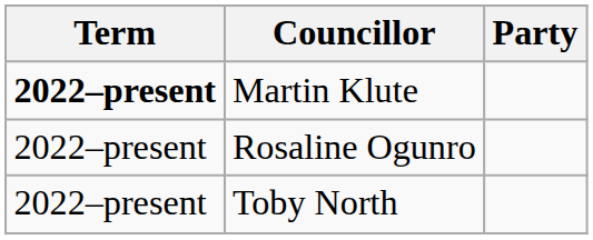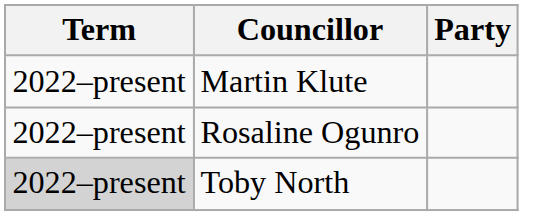 <table class="wikitable">
 <tr>
 <th>Term</th>
 <th>Councillor</th>
 <th colspan=2>Party</th>
 </tr>
 <tr>
-<td><strong>2022–present</strong></td>
+<td>2022–present</td>
 <td>Martin Klute</td>
 <td></td>
 </tr>
 <tr>
 <td>2022–present</td>
 <td>Rosaline Ogunro</td>
 <td></td>
 </tr>
 <tr>
-<td>2022–present</td>
+<td style="background: lightgrey;">2022–present</td>
 <td>Toby North</td>
 <td></td>
 </tr>
 </table>
